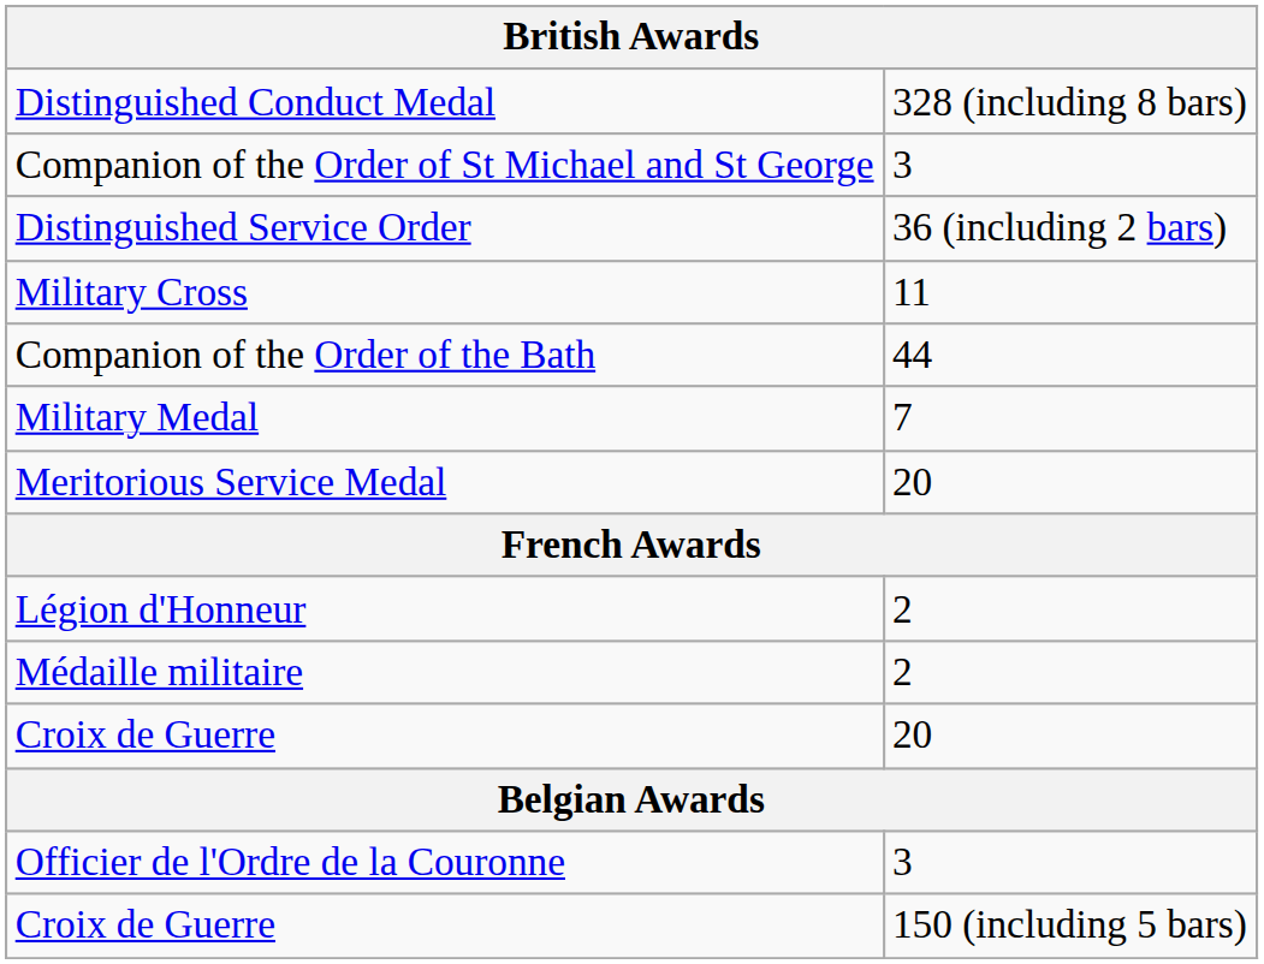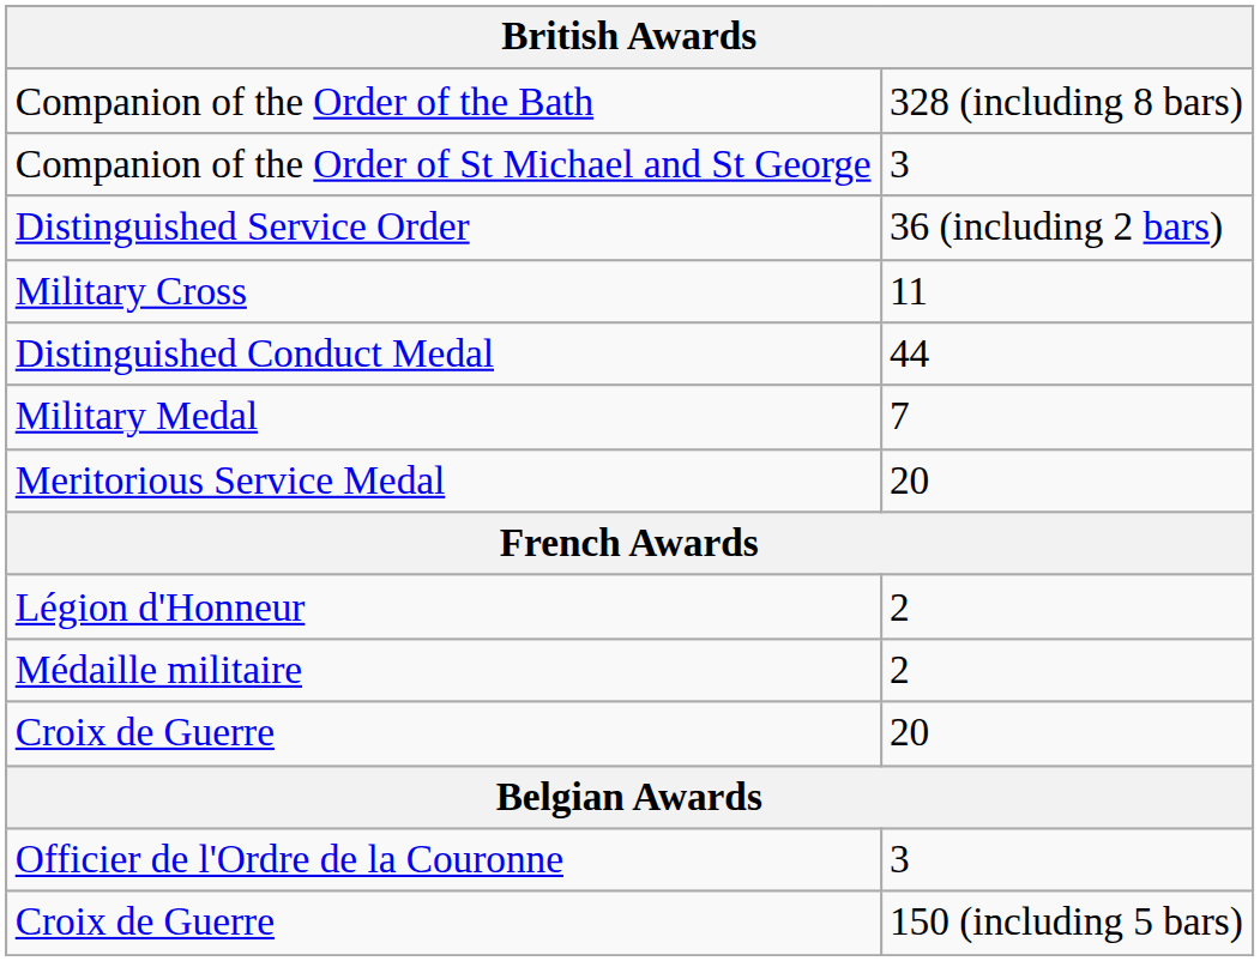 <table class="wikitable">
 <tr>
 <th colspan='2'>British Awards</th>
 </tr>
 <tr>
-<td><a href='#'>Distinguished Conduct Medal</a></td>
+<td>Companion of the <a href='#'>Order of the Bath</a></td>
 <td>328 (including 8 bars)</td>
 </tr>
 <tr>
 <td>Companion of the <a href='#'>Order of St Michael and St George</a></td>
 <td>3</td>
 </tr>
 <tr>
 <td><a href='#'>Distinguished Service Order</a></td>
 <td>36 (including 2 <a href='#'>bars</a>)</td>
 </tr>
 <tr>
 <td><a href='#'>Military Cross</a></td>
 <td>11</td>
 </tr>
 <tr>
-<td>Companion of the <a href='#'>Order of the Bath</a></td>
+<td><a href='#'>Distinguished Conduct Medal</a></td>
 <td>44</td>
 </tr>
 <tr>
 <td><a href='#'>Military Medal</a></td>
 <td>7</td>
 </tr>
 <tr>
 <td><a href='#'>Meritorious Service Medal</a></td>
 <td>20</td>
 </tr>
 <tr>
 <th colspan='2'>French Awards</th>
 </tr>
 <tr>
 <td><a href='#'>Légion d'Honneur</a></td>
 <td>2</td>
 </tr>
 <tr>
 <td><a href='#'>Médaille militaire</a></td>
 <td>2</td>
 </tr>
 <tr>
 <td><a href='#'>Croix de Guerre</a></td>
 <td>20</td>
 </tr>
 <tr>
 <th colspan='2'>Belgian Awards</th>
 </tr>
 <tr>
 <td><a href='#'>Officier de l'Ordre de la Couronne</a></td>
 <td>3</td>
 </tr>
 <tr>
 <td><a href='#'>Croix de Guerre</a></td>
 <td>150 (including 5 bars)</td>
 </tr>
 <tr>
 </tr>
 </table>
